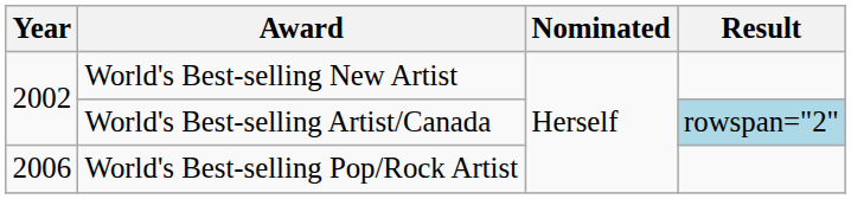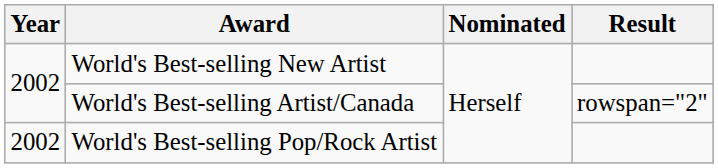 <table class="wikitable">
 <tr>
 <th>Year</th>
 <th>Award</th>
 <th>Nominated</th>
 <th>Result</th>
 </tr>
 <tr>
 <td rowspan="2">2002</td>
 <td>World's Best-selling New Artist</td>
 <td rowspan="3">Herself</td>
 <td></td>
 </tr>
 <tr>
 <td>World's Best-selling Artist/Canada</td>
-<td style="background: lightblue;">rowspan="2" </td>
+<td>rowspan="2" </td>
 </tr>
 <tr>
-<td>2006</td>
+<td>2002</td>
 <td>World's Best-selling Pop/Rock Artist</td>
 </tr>
 </table>
